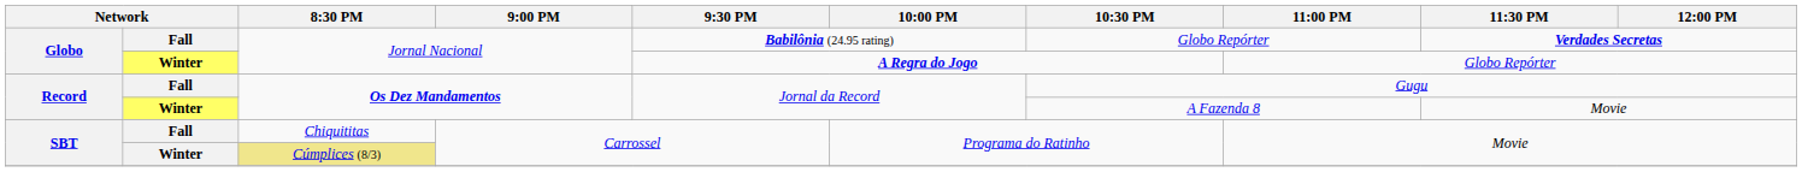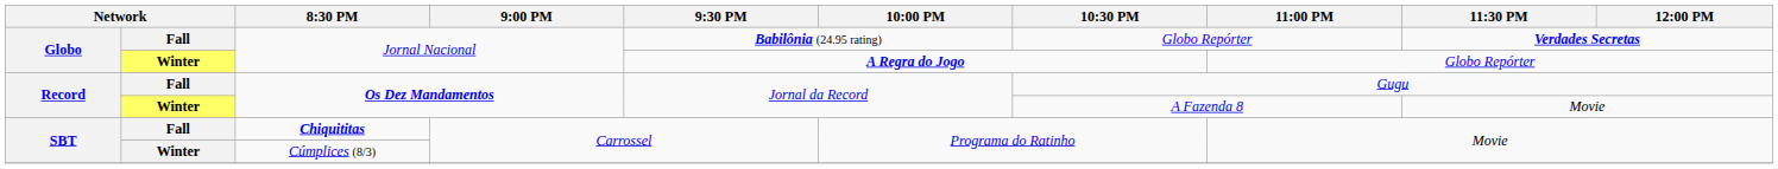 <table class="wikitable" style="width:100%;margin-right:0;text-align:center">
 <tr>
 <th colspan="2" style="width:13%;">Network</th>
 <th style="width:11%;">8:30 PM</th>
 <th style="width:11%;">9:00 PM</th>
 <th style="width:11%;">9:30 PM</th>
 <th style="width:11%;">10:00 PM</th>
 <th style="width:11%;">10:30 PM</th>
 <th style="width:11%;">11:00 PM</th>
 <th style="width:11%;">11:30 PM</th>
 <th style="width:11%;">12:00 PM</th>
 </tr>
 <tr>
 <th rowspan=2><a href='#'>Globo</a></th>
 <th>Fall</th>
 <td colspan=2 rowspan=2><em><a href='#'>Jornal Nacional</a></em></td>
 <td colspan=2><strong><em><a href='#'>Babilônia</a></em></strong> <small>(24.95 rating)</small></td>
 <td colspan=2><em><a href='#'>Globo Repórter</a></em></td>
 <td colspan=2><strong><em><a href='#'>Verdades Secretas</a></em></strong></td>
 </tr>
 <tr>
 <th style="background:#FFFF66;">Winter</th>
 <td colspan=3><strong><em><a href='#'>A Regra do Jogo</a></em></strong></td>
 <td colspan=3><em><a href='#'>Globo Repórter</a></em></td>
 </tr>
 <tr>
 <th rowspan=2><a href='#'>Record</a></th>
 <th>Fall</th>
 <td colspan=2 rowspan=2><strong><em><a href='#'>Os Dez Mandamentos</a></em></strong></td>
 <td colspan=2 rowspan=2><em><a href='#'>Jornal da Record</a></em></td>
 <td colspan=4><em><a href='#'>Gugu</a></em></td>
 </tr>
 <tr>
 <th style="background:#FFFF66;">Winter</th>
 <td colspan=2><em><a href='#'>A Fazenda 8</a></em></td>
 <td colspan=2><em>Movie</em></td>
 </tr>
 <tr>
 <th rowspan=2><a href='#'>SBT</a></th>
 <th>Fall</th>
-<td colspan=1><em><a href='#'>Chiquititas</a></em></td>
+<td colspan=1><strong><em><a href='#'>Chiquititas</a></em></strong></td>
 <td colspan=2 rowspan=2><em><a href='#'>Carrossel</a></em></td>
 <td colspan=2 rowspan=2><em><a href='#'>Programa do Ratinho</a></em></td>
 <td colspan=3 rowspan=2><em>Movie</em></td>
 </tr>
 <tr>
 <th>Winter</th>
-<td colspan=1 style="background: khaki;"><em><a href='#'>Cúmplices</a></em> <small>(8/3)</small></td>
+<td colspan=1><em><a href='#'>Cúmplices</a></em> <small>(8/3)</small></td>
 </tr>
 <tr>
 </tr>
 </table>
